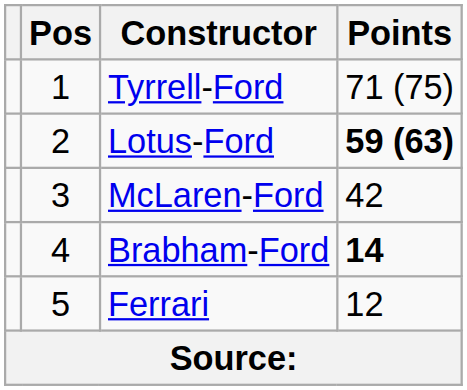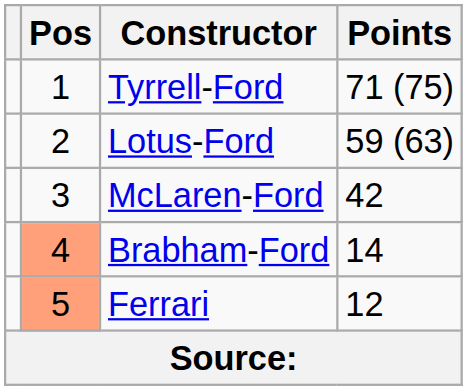 <table class="wikitable" style="font-size: 95%;">
 <tr>
 <th></th>
 <th>Pos</th>
 <th>Constructor</th>
 <th>Points</th>
 </tr>
 <tr>
 <td align="left"></td>
 <td align="center">1</td>
 <td> <a href='#'>Tyrrell</a>-<a href='#'>Ford</a></td>
 <td style="text-align:left;">71 (75)</td>
 </tr>
 <tr>
 <td align="left"></td>
 <td align="center">2</td>
 <td> <a href='#'>Lotus</a>-<a href='#'>Ford</a></td>
-<td style="text-align:left;"><strong>59 (63)</strong></td>
+<td style="text-align:left;">59 (63)</td>
 </tr>
 <tr>
 <td align="left"></td>
 <td align="center">3</td>
 <td> <a href='#'>McLaren</a>-<a href='#'>Ford</a></td>
 <td style="text-align:left;">42</td>
 </tr>
 <tr>
 <td align="left"></td>
-<td align="center">4</td>
+<td align="center" style="background: lightsalmon;">4</td>
 <td> <a href='#'>Brabham</a>-<a href='#'>Ford</a></td>
-<td style="text-align:left;"><strong>14</strong></td>
+<td style="text-align:left;">14</td>
 </tr>
 <tr>
 <td align="left"></td>
-<td align="center">5</td>
+<td align="center" style="background: lightsalmon;">5</td>
 <td> <a href='#'>Ferrari</a></td>
 <td style="text-align:left;">12</td>
 </tr>
 <tr>
 <th colspan=4>Source: </th>
 </tr>
 </table>
